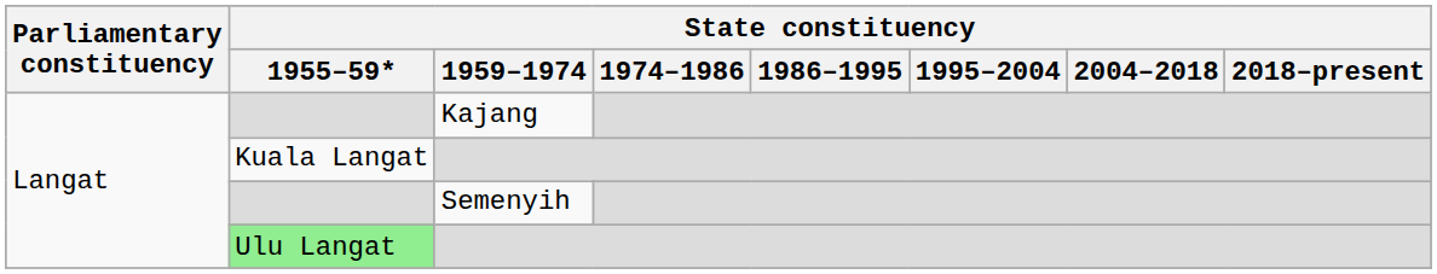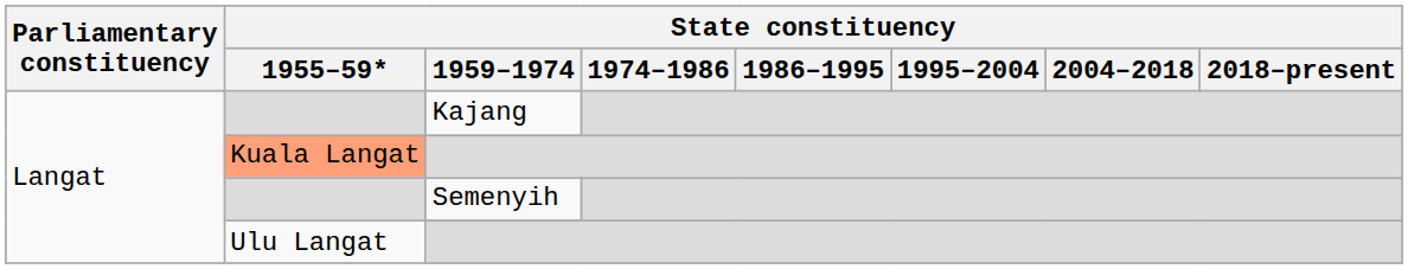 <table class="wikitable">
 <tr>
 <th rowspan="2">Parliamentary<br>constituency</th>
 <th colspan="7">State constituency</th>
 </tr>
 <tr>
 <th>1955–59*</th>
 <th>1959–1974</th>
 <th>1974–1986</th>
 <th>1986–1995</th>
 <th>1995–2004</th>
 <th>2004–2018</th>
 <th>2018–present</th>
 </tr>
 <tr>
 <td rowspan="4">Langat</td>
 <td bgcolor="dcdcdc"></td>
 <td>Kajang</td>
 <td colspan="5" bgcolor="dcdcdc"></td>
 </tr>
 <tr>
-<td>Kuala Langat</td>
+<td style="background: lightsalmon;">Kuala Langat</td>
 <td colspan="6" bgcolor="dcdcdc"></td>
 </tr>
 <tr>
 <td bgcolor="dcdcdc"></td>
 <td>Semenyih</td>
 <td colspan="5" bgcolor="dcdcdc"></td>
 </tr>
 <tr>
-<td style="background: lightgreen;">Ulu Langat</td>
+<td>Ulu Langat</td>
 <td colspan="6" bgcolor="dcdcdc"></td>
 </tr>
 </table>
